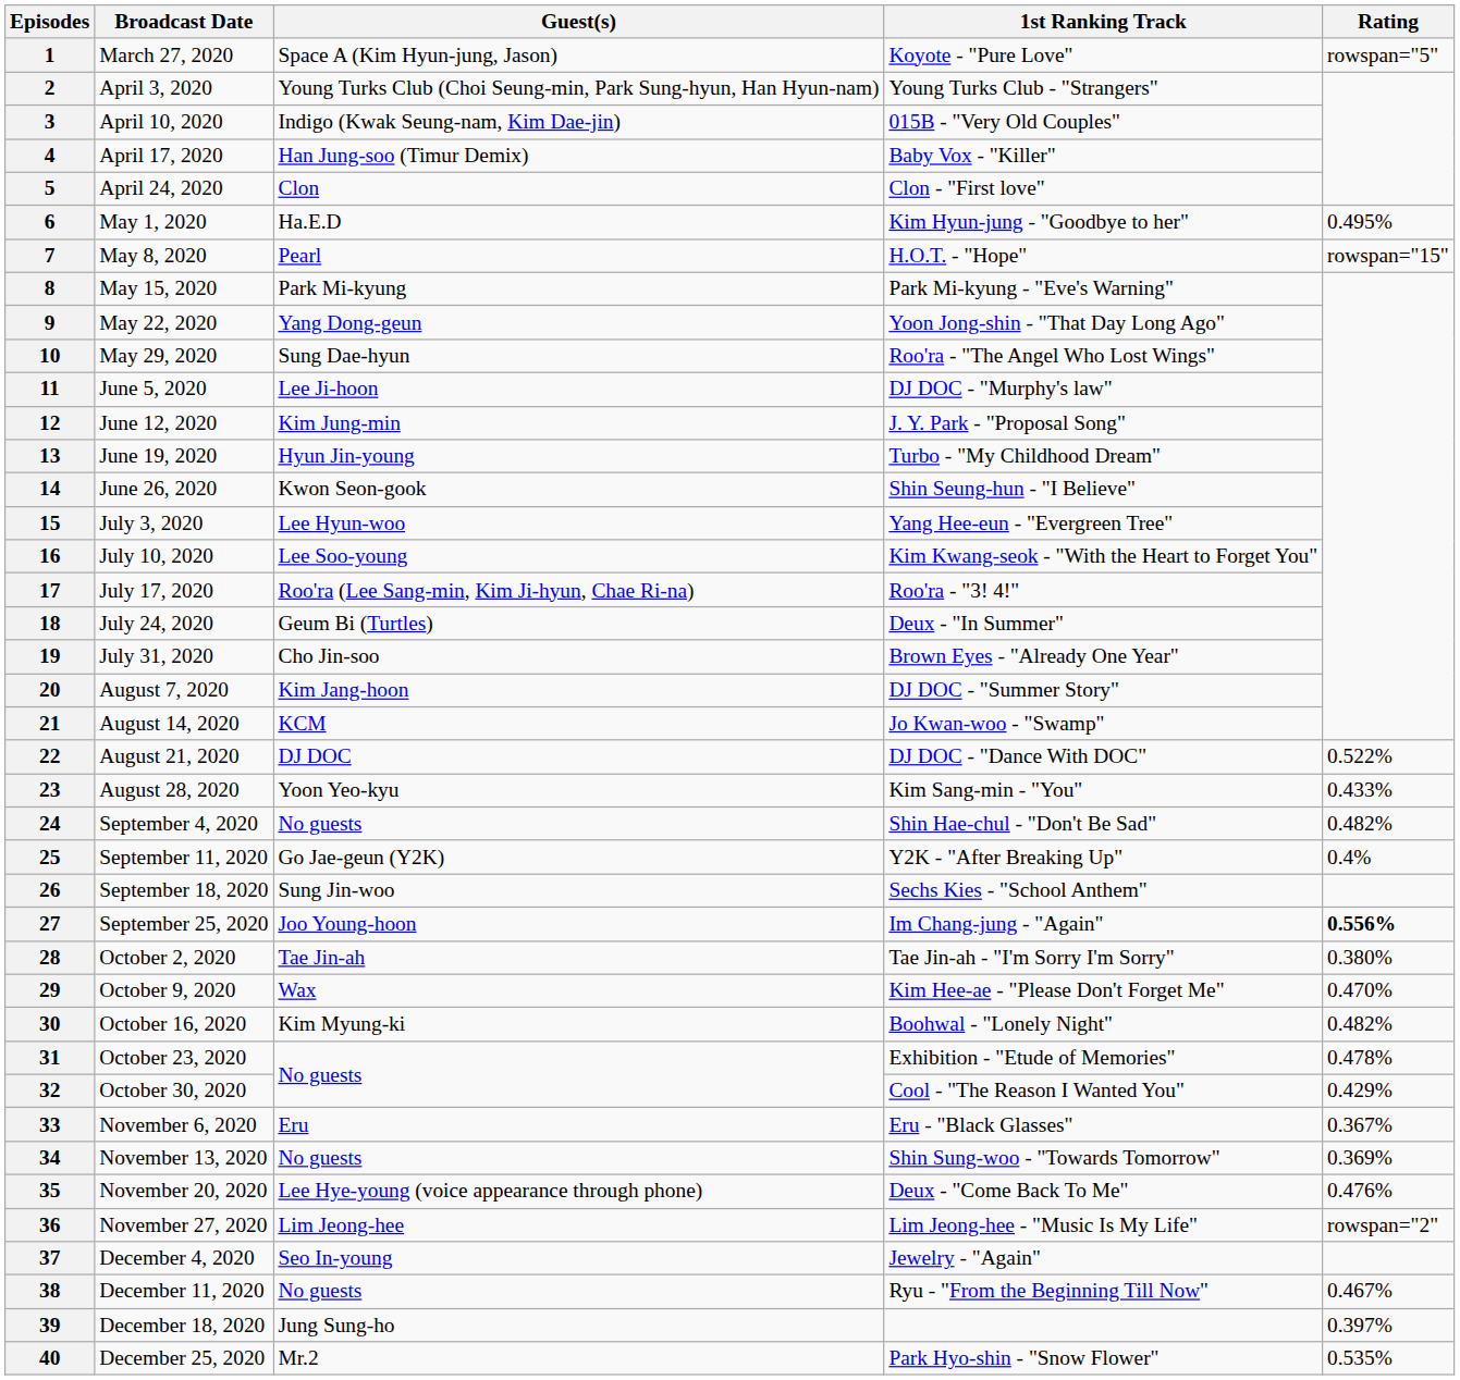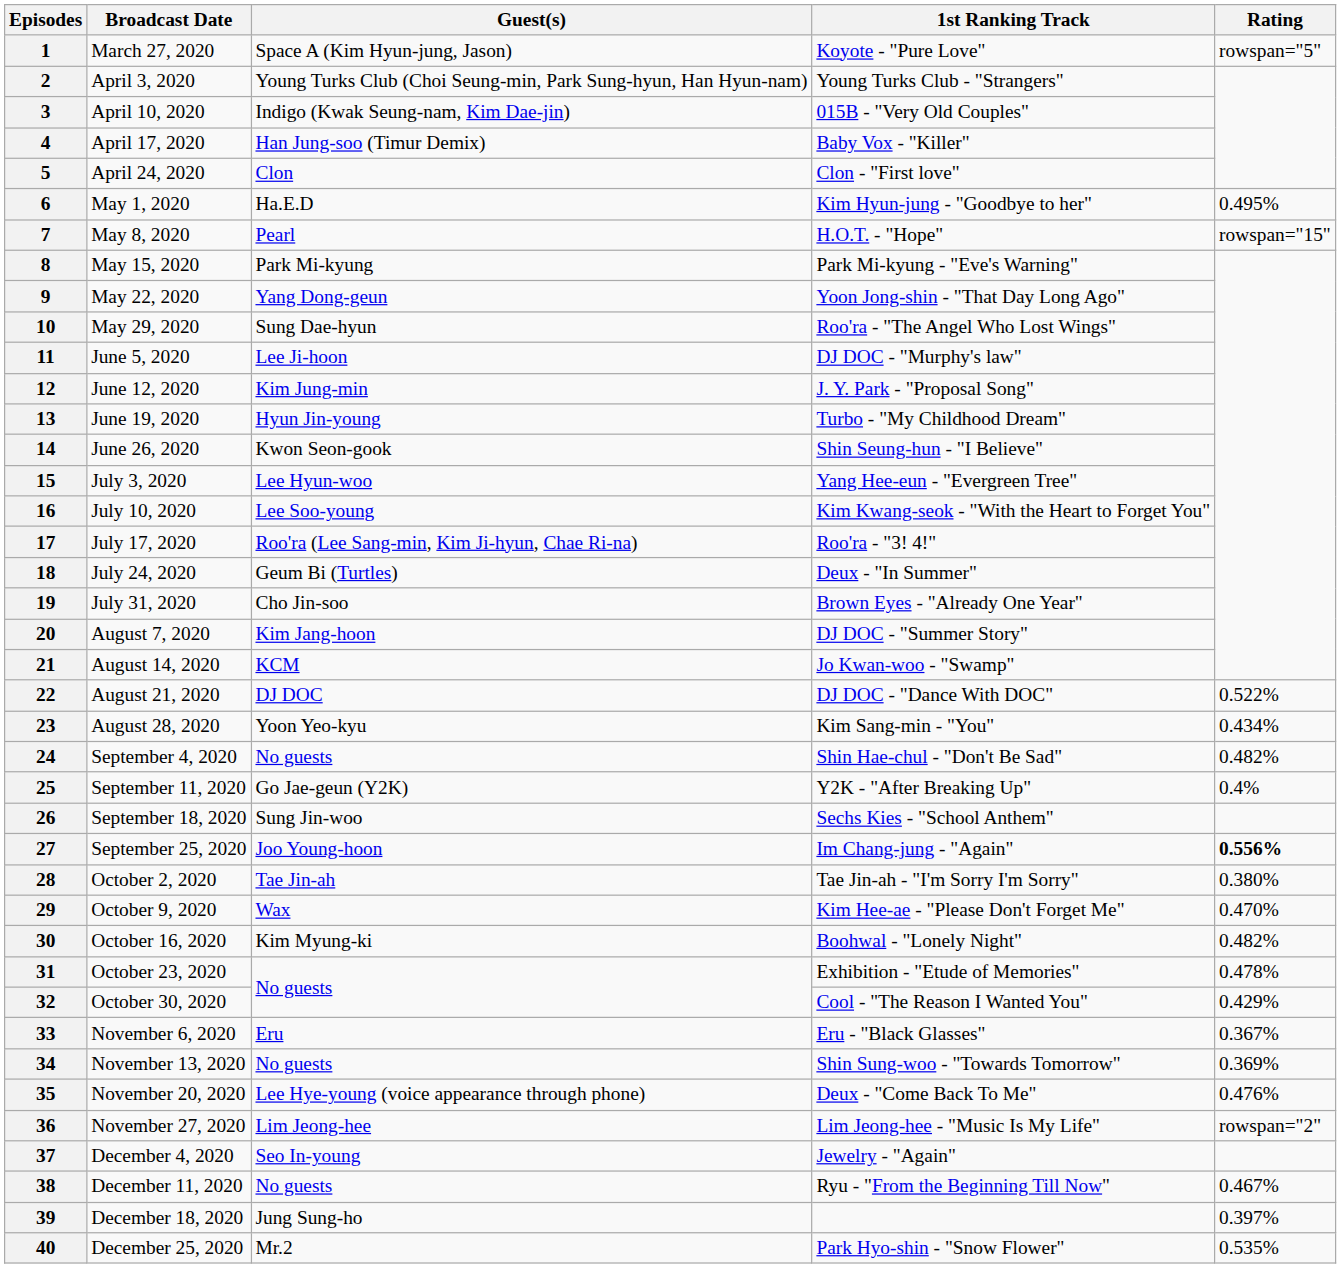 <table class="wikitable">
 <tr>
 <th>Episodes</th>
 <th>Broadcast Date</th>
 <th>Guest(s)</th>
 <th>1st Ranking Track</th>
 <th>Rating</th>
 </tr>
 <tr>
 <th>1</th>
 <td>March 27, 2020</td>
 <td>Space A (Kim Hyun-jung, Jason)</td>
 <td><a href='#'>Koyote</a> - "Pure Love"</td>
 <td>rowspan="5" </td>
 </tr>
 <tr>
 <th>2</th>
 <td>April 3, 2020</td>
 <td>Young Turks Club (Choi Seung-min, Park Sung-hyun, Han Hyun-nam)</td>
 <td>Young Turks Club - "Strangers"</td>
 </tr>
 <tr>
 <th>3</th>
 <td>April 10, 2020</td>
 <td>Indigo (Kwak Seung-nam, <a href='#'>Kim Dae-jin</a>)</td>
 <td><a href='#'>015B</a> - "Very Old Couples"</td>
 </tr>
 <tr>
 <th>4</th>
 <td>April 17, 2020</td>
 <td><a href='#'>Han Jung-soo</a> (Timur Demix)</td>
 <td><a href='#'>Baby Vox</a> - "Killer"</td>
 </tr>
 <tr>
 <th>5</th>
 <td>April 24, 2020</td>
 <td><a href='#'>Clon</a></td>
 <td><a href='#'>Clon</a> - "First love"</td>
 </tr>
 <tr>
 <th>6</th>
 <td>May 1, 2020</td>
 <td>Ha.E.D</td>
 <td><a href='#'>Kim Hyun-jung</a> - "Goodbye to her"</td>
 <td>0.495%</td>
 </tr>
 <tr>
 <th>7</th>
 <td>May 8, 2020</td>
 <td><a href='#'>Pearl</a></td>
 <td><a href='#'>H.O.T.</a> - "Hope"</td>
 <td>rowspan="15" </td>
 </tr>
 <tr>
 <th>8</th>
 <td>May 15, 2020</td>
 <td>Park Mi-kyung</td>
 <td>Park Mi-kyung - "Eve's Warning"</td>
 </tr>
 <tr>
 <th>9</th>
 <td>May 22, 2020</td>
 <td><a href='#'>Yang Dong-geun</a></td>
 <td><a href='#'>Yoon Jong-shin</a> - "That Day Long Ago"</td>
 </tr>
 <tr>
 <th>10</th>
 <td>May 29, 2020</td>
 <td>Sung Dae-hyun</td>
 <td><a href='#'>Roo'ra</a> - "The Angel Who Lost Wings"</td>
 </tr>
 <tr>
 <th>11</th>
 <td>June 5, 2020</td>
 <td><a href='#'>Lee Ji-hoon</a></td>
 <td><a href='#'>DJ DOC</a> - "Murphy's law"</td>
 </tr>
 <tr>
 <th>12</th>
 <td>June 12, 2020</td>
 <td><a href='#'>Kim Jung-min</a></td>
 <td><a href='#'>J. Y. Park</a> - "Proposal Song"</td>
 </tr>
 <tr>
 <th>13</th>
 <td>June 19, 2020</td>
 <td><a href='#'>Hyun Jin-young</a></td>
 <td><a href='#'>Turbo</a> - "My Childhood Dream"</td>
 </tr>
 <tr>
 <th>14</th>
 <td>June 26, 2020</td>
 <td>Kwon Seon-gook</td>
 <td><a href='#'>Shin Seung-hun</a> - "I Believe"</td>
 </tr>
 <tr>
 <th>15</th>
 <td>July 3, 2020</td>
 <td><a href='#'>Lee Hyun-woo</a></td>
 <td><a href='#'>Yang Hee-eun</a> - "Evergreen Tree"</td>
 </tr>
 <tr>
 <th>16</th>
 <td>July 10, 2020</td>
 <td><a href='#'>Lee Soo-young</a></td>
 <td><a href='#'>Kim Kwang-seok</a> - "With the Heart to Forget You"</td>
 </tr>
 <tr>
 <th>17</th>
 <td>July 17, 2020</td>
 <td><a href='#'>Roo'ra</a> (<a href='#'>Lee Sang-min</a>, <a href='#'>Kim Ji-hyun</a>, <a href='#'>Chae Ri-na</a>)</td>
 <td><a href='#'>Roo'ra</a> - "3! 4!"</td>
 </tr>
 <tr>
 <th>18</th>
 <td>July 24, 2020</td>
 <td>Geum Bi (<a href='#'>Turtles</a>)</td>
 <td><a href='#'>Deux</a> - "In Summer"</td>
 </tr>
 <tr>
 <th>19</th>
 <td>July 31, 2020</td>
 <td>Cho Jin-soo</td>
 <td><a href='#'>Brown Eyes</a> - "Already One Year"</td>
 </tr>
 <tr>
 <th>20</th>
 <td>August 7, 2020</td>
 <td><a href='#'>Kim Jang-hoon</a></td>
 <td><a href='#'>DJ DOC</a> - "Summer Story"</td>
 </tr>
 <tr>
 <th>21</th>
 <td>August 14, 2020</td>
 <td><a href='#'>KCM</a></td>
 <td><a href='#'>Jo Kwan-woo</a> - "Swamp"</td>
 </tr>
 <tr>
 <th>22</th>
 <td>August 21, 2020</td>
 <td><a href='#'>DJ DOC</a></td>
 <td><a href='#'>DJ DOC</a> - "Dance With DOC"</td>
 <td>0.522%</td>
 </tr>
 <tr>
 <th>23</th>
 <td>August 28, 2020</td>
 <td>Yoon Yeo-kyu</td>
 <td>Kim Sang-min - "You"</td>
-<td>0.433%</td>
+<td>0.434%</td>
 </tr>
 <tr>
 <th>24</th>
 <td>September 4, 2020</td>
 <td><a href='#'>No guests</a></td>
 <td><a href='#'>Shin Hae-chul</a> - "Don't Be Sad"</td>
 <td>0.482%</td>
 </tr>
 <tr>
 <th>25</th>
 <td>September 11, 2020</td>
 <td>Go Jae-geun (Y2K)</td>
 <td>Y2K - "After Breaking Up"</td>
 <td>0.4%</td>
 </tr>
 <tr>
 <th>26</th>
 <td>September 18, 2020</td>
 <td>Sung Jin-woo</td>
 <td><a href='#'>Sechs Kies</a> - "School Anthem"</td>
 <td></td>
 </tr>
 <tr>
 <th>27</th>
 <td>September 25, 2020</td>
 <td><a href='#'>Joo Young-hoon</a></td>
 <td><a href='#'>Im Chang-jung</a> - "Again"</td>
 <td><span><strong>0.556%</strong></span></td>
 </tr>
 <tr>
 <th>28</th>
 <td>October 2, 2020</td>
 <td><a href='#'>Tae Jin-ah</a></td>
 <td>Tae Jin-ah - "I'm Sorry I'm Sorry"</td>
 <td>0.380%</td>
 </tr>
 <tr>
 <th>29</th>
 <td>October 9, 2020</td>
 <td><a href='#'>Wax</a></td>
 <td><a href='#'>Kim Hee-ae</a> - "Please Don't Forget Me"</td>
 <td>0.470%</td>
 </tr>
 <tr>
 <th>30</th>
 <td>October 16, 2020</td>
 <td>Kim Myung-ki</td>
 <td><a href='#'>Boohwal</a> - "Lonely Night"</td>
 <td>0.482%</td>
 </tr>
 <tr>
 <th>31</th>
 <td>October 23, 2020</td>
 <td rowspan="2"><a href='#'>No guests</a></td>
 <td>Exhibition - "Etude of Memories"</td>
 <td>0.478%</td>
 </tr>
 <tr>
 <th>32</th>
 <td>October 30, 2020</td>
 <td><a href='#'>Cool</a> - "The Reason I Wanted You"</td>
 <td>0.429%</td>
 </tr>
 <tr>
 <th>33</th>
 <td>November 6, 2020</td>
 <td><a href='#'>Eru</a></td>
 <td><a href='#'>Eru</a> - "Black Glasses"</td>
 <td>0.367%</td>
 </tr>
 <tr>
 <th>34</th>
 <td>November 13, 2020</td>
 <td><a href='#'>No guests</a></td>
 <td><a href='#'>Shin Sung-woo</a> - "Towards Tomorrow"</td>
 <td>0.369%</td>
 </tr>
 <tr>
 <th>35</th>
 <td>November 20, 2020</td>
 <td><a href='#'>Lee Hye-young</a> (voice appearance through phone)</td>
 <td><a href='#'>Deux</a> - "Come Back To Me"</td>
 <td>0.476%</td>
 </tr>
 <tr>
 <th>36</th>
 <td>November 27, 2020</td>
 <td><a href='#'>Lim Jeong-hee</a></td>
 <td><a href='#'>Lim Jeong-hee</a> - "Music Is My Life"</td>
 <td>rowspan="2" </td>
 </tr>
 <tr>
 <th>37</th>
 <td>December 4, 2020</td>
 <td><a href='#'>Seo In-young</a></td>
 <td><a href='#'>Jewelry</a> - "Again"</td>
 </tr>
 <tr>
 <th>38</th>
 <td>December 11, 2020</td>
 <td><a href='#'>No guests</a></td>
 <td>Ryu - "<a href='#'>From the Beginning Till Now</a>"</td>
 <td>0.467%</td>
 </tr>
 <tr>
 <th>39</th>
 <td>December 18, 2020</td>
 <td>Jung Sung-ho</td>
 <td></td>
 <td>0.397%</td>
 </tr>
 <tr>
 <th>40</th>
 <td>December 25, 2020</td>
 <td>Mr.2</td>
 <td><a href='#'>Park Hyo-shin</a> - "Snow Flower"</td>
 <td>0.535%</td>
 </tr>
 </table>
